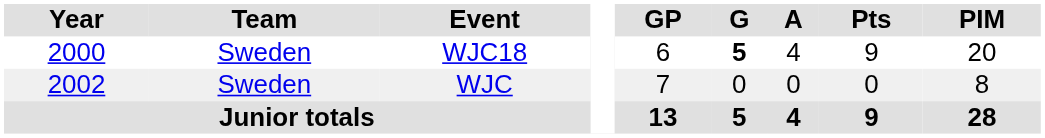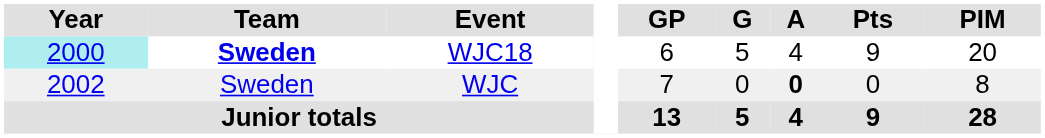 <table border="0" cellpadding="1" cellspacing="0" style="text-align:center; width:40em">
 <tr ALIGN="center" bgcolor="#e0e0e0">
 <th>Year</th>
 <th>Team</th>
 <th>Event</th>
 <th rowspan="99" bgcolor="#ffffff"> </th>
 <th>GP</th>
 <th>G</th>
 <th>A</th>
 <th>Pts</th>
 <th>PIM</th>
 </tr>
 <tr>
-<td><a href='#'>2000</a></td>
-<td><a href='#'>Sweden</a></td>
+<td style="background: paleturquoise;"><a href='#'>2000</a></td>
+<td><strong><a href='#'>Sweden</a></strong></td>
 <td><a href='#'>WJC18</a></td>
 <td>6</td>
-<td><strong>5</strong></td>
+<td>5</td>
 <td>4</td>
 <td>9</td>
 <td>20</td>
 </tr>
 <tr bgcolor="#f0f0f0">
 <td><a href='#'>2002</a></td>
 <td><a href='#'>Sweden</a></td>
 <td><a href='#'>WJC</a></td>
 <td>7</td>
 <td>0</td>
-<td>0</td>
+<td><strong>0</strong></td>
 <td>0</td>
 <td>8</td>
 </tr>
 <tr bgcolor="#e0e0e0">
 <th colspan="3">Junior totals</th>
 <th>13</th>
 <th>5</th>
 <th>4</th>
 <th>9</th>
 <th>28</th>
 </tr>
 </table>
